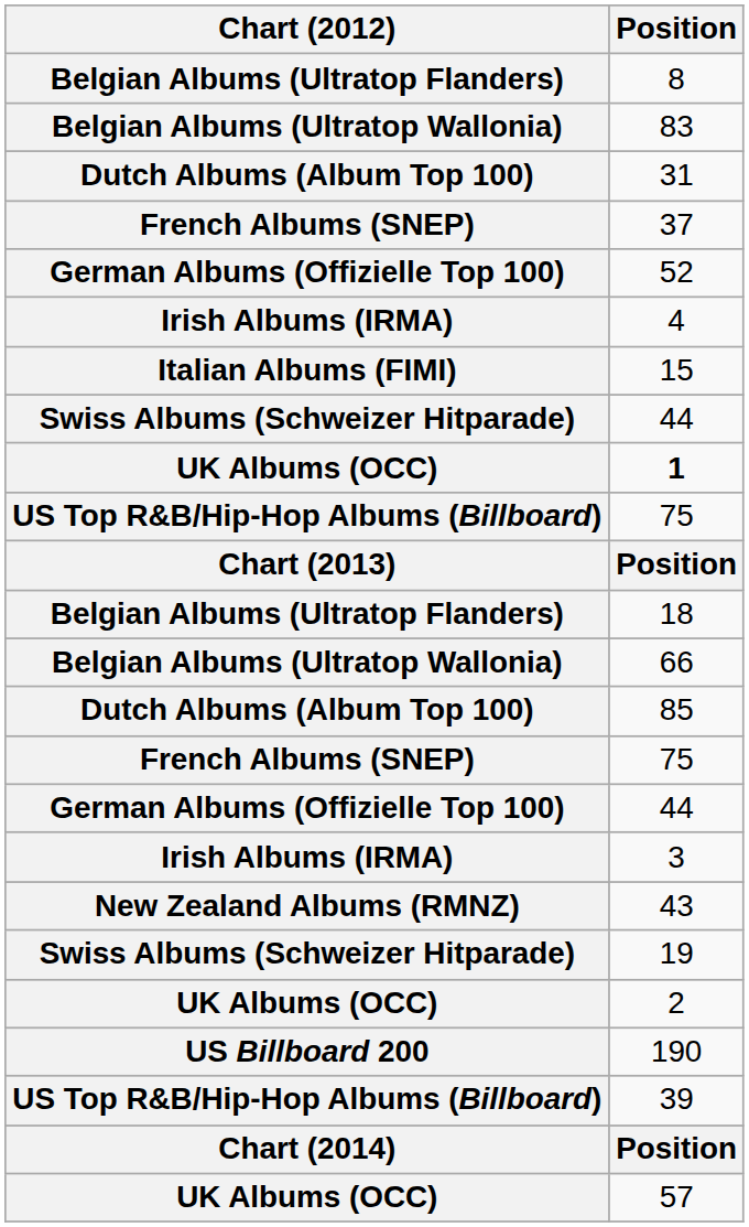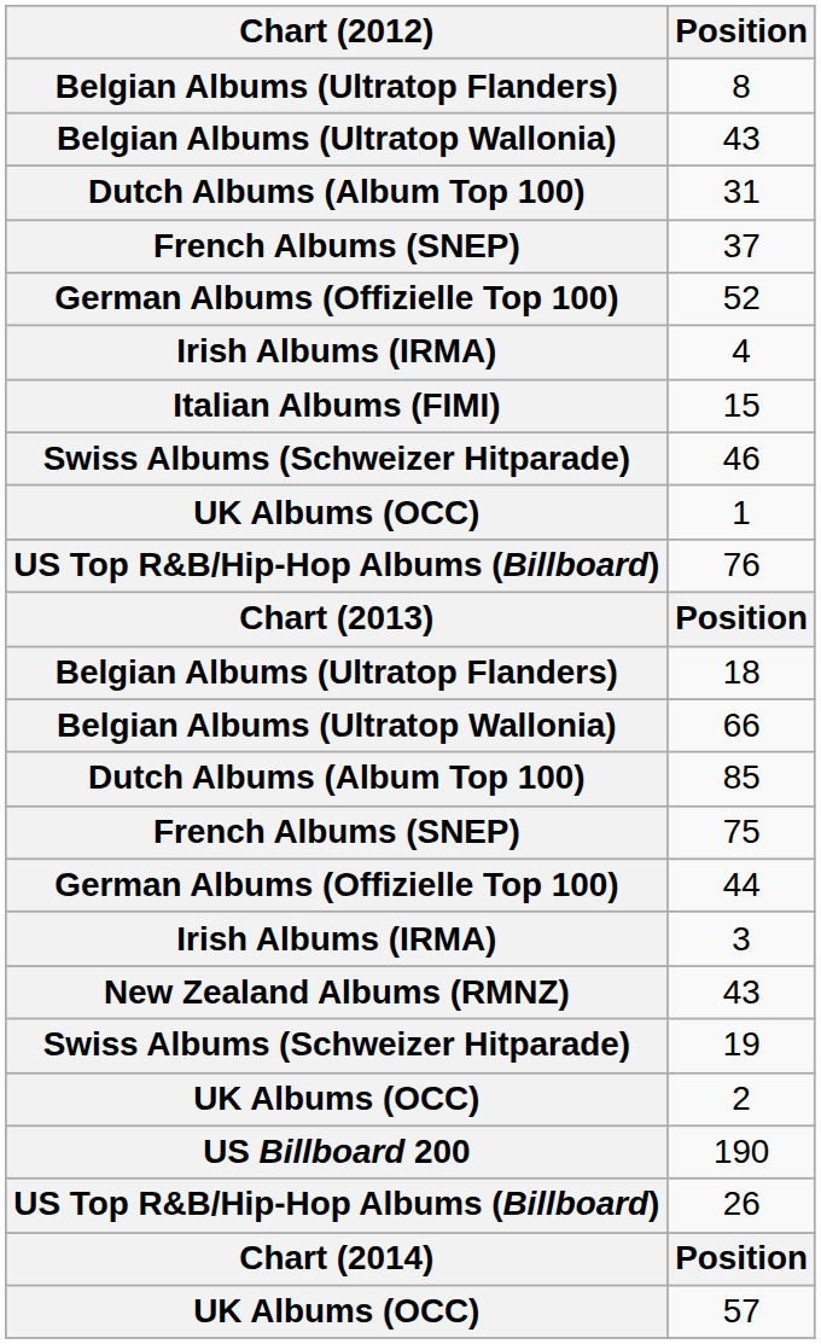 <table class="wikitable sortable plainrowheaders">
 <tr>
 <th scope="col">Chart (2012)</th>
 <th scope="col">Position</th>
 </tr>
 <tr>
 <th scope="row">Belgian Albums (Ultratop Flanders)</th>
 <td style="text-align:center;">8</td>
 </tr>
 <tr>
 <th scope="row">Belgian Albums (Ultratop Wallonia)</th>
-<td style="text-align:center;">83</td>
+<td style="text-align:center;">43</td>
 </tr>
 <tr>
 <th scope="row">Dutch Albums (Album Top 100)</th>
 <td style="text-align:center;">31</td>
 </tr>
 <tr>
 <th scope="row">French Albums (SNEP)</th>
 <td style="text-align:center;">37</td>
 </tr>
 <tr>
 <th scope="row">German Albums (Offizielle Top 100)</th>
 <td style="text-align:center;">52</td>
 </tr>
 <tr>
 <th scope="row">Irish Albums (IRMA)</th>
 <td style="text-align:center;">4</td>
 </tr>
 <tr>
 <th scope="row">Italian Albums (FIMI)</th>
 <td style="text-align:center;">15</td>
 </tr>
 <tr>
 <th scope="row">Swiss Albums (Schweizer Hitparade)</th>
-<td style="text-align:center;">44</td>
+<td style="text-align:center;">46</td>
 </tr>
 <tr>
 <th scope="row">UK Albums (OCC)</th>
-<td style="text-align:center;"><strong>1</strong></td>
+<td style="text-align:center;">1</td>
 </tr>
 <tr>
 <th scope="row">US Top R&B/Hip-Hop Albums (<em>Billboard</em>)</th>
-<td style="text-align:center;">75</td>
+<td style="text-align:center;">76</td>
 </tr>
 <tr>
 <th scope="col">Chart (2013)</th>
 <th scope="col">Position</th>
 </tr>
 <tr>
 <th scope="row">Belgian Albums (Ultratop Flanders)</th>
 <td style="text-align:center;">18</td>
 </tr>
 <tr>
 <th scope="row">Belgian Albums (Ultratop Wallonia)</th>
 <td style="text-align:center;">66</td>
 </tr>
 <tr>
 <th scope="row">Dutch Albums (Album Top 100)</th>
 <td style="text-align:center;">85</td>
 </tr>
 <tr>
 <th scope="row">French Albums (SNEP)</th>
 <td style="text-align:center;">75</td>
 </tr>
 <tr>
 <th scope="row">German Albums (Offizielle Top 100)</th>
 <td style="text-align:center;">44</td>
 </tr>
 <tr>
 <th scope="row">Irish Albums (IRMA)</th>
 <td style="text-align:center;">3</td>
 </tr>
 <tr>
 <th scope="row">New Zealand Albums (RMNZ)</th>
 <td align="center">43</td>
 </tr>
 <tr>
 <th scope="row">Swiss Albums (Schweizer Hitparade)</th>
 <td align="center">19</td>
 </tr>
 <tr>
 <th scope="row">UK Albums (OCC)</th>
 <td align="center">2</td>
 </tr>
 <tr>
 <th scope="row">US <em>Billboard</em> 200</th>
 <td style="text-align:center;">190</td>
 </tr>
 <tr>
 <th scope="row">US Top R&B/Hip-Hop Albums (<em>Billboard</em>)</th>
-<td style="text-align:center;">39</td>
+<td style="text-align:center;">26</td>
 </tr>
 <tr>
 <th scope="col">Chart (2014)</th>
 <th scope="col">Position</th>
 </tr>
 <tr>
 <th scope="row">UK Albums (OCC)</th>
 <td style="text-align:center;">57</td>
 </tr>
 </table>
